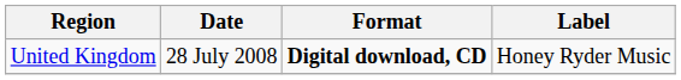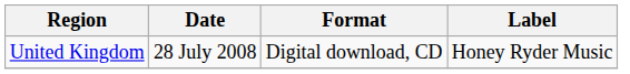 <table class=wikitable>
 <tr>
 <th>Region</th>
 <th>Date</th>
 <th>Format</th>
 <th>Label</th>
 </tr>
 <tr>
 <td><a href='#'>United Kingdom</a></td>
 <td>28 July 2008</td>
-<td><strong>Digital download, CD</strong></td>
+<td>Digital download, CD</td>
 <td>Honey Ryder Music</td>
 </tr>
 <tr>
 </tr>
 </table>
